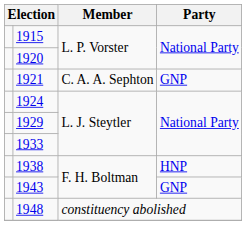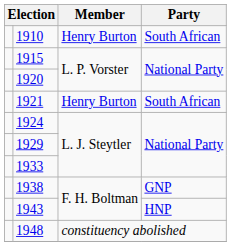 <table class="wikitable">
 <tr>
 <th colspan="2">Election</th>
 <th>Member</th>
 <th>Party</th>
+</tr>
+<tr>
+<td style="background-color: "></td>
+<td><a href='#'>1910</a></td>
+<td><a href='#'>Henry Burton</a></td>
+<td><a href='#'>South African</a></td>
 </tr>
 <tr>
 <td style="background-color: "></td>
 <td><a href='#'>1915</a></td>
 <td rowspan="2">L. P. Vorster</td>
 <td rowspan="2"><a href='#'>National Party</a></td>
 </tr>
 <tr>
 <td style="background-color: "></td>
 <td><a href='#'>1920</a></td>
 </tr>
 <tr>
 <td style="background-color: "></td>
 <td><a href='#'>1921</a></td>
-<td>C. A. A. Sephton</td>
-<td><a href='#'>GNP</a></td>
+<td><a href='#'>Henry Burton</a></td>
+<td><a href='#'>South African</a></td>
 </tr>
 <tr>
 <td style="background-color: "></td>
 <td><a href='#'>1924</a></td>
 <td rowspan="3">L. J. Steytler</td>
 <td rowspan="3"><a href='#'>National Party</a></td>
 </tr>
 <tr>
 <td style="background-color: "></td>
 <td><a href='#'>1929</a></td>
 </tr>
 <tr>
 <td style="background-color: "></td>
 <td><a href='#'>1933</a></td>
 </tr>
 <tr>
 <td style="background-color: "></td>
 <td><a href='#'>1938</a></td>
 <td rowspan="2">F. H. Boltman</td>
-<td><a href='#'>HNP</a></td>
+<td><a href='#'>GNP</a></td>
 </tr>
 <tr>
 <td style="background-color: "></td>
 <td><a href='#'>1943</a></td>
-<td><a href='#'>GNP</a></td>
+<td><a href='#'>HNP</a></td>
 </tr>
 <tr>
 <td style="background-color: "></td>
 <td><a href='#'>1948</a></td>
 <td colspan="2"><em>constituency abolished</em></td>
 </tr>
 <tr>
 </tr>
 </table>
